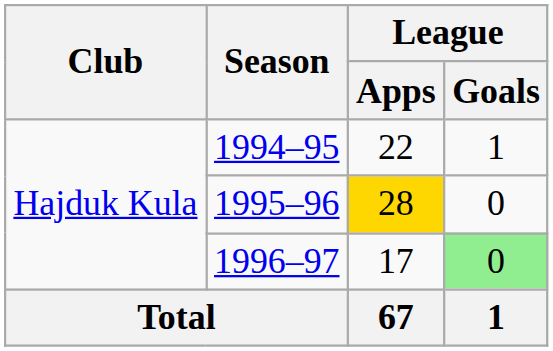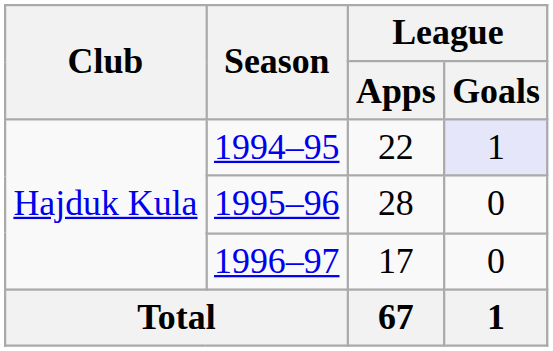 <table class="wikitable" style="text-align:center">
 <tr>
 <th rowspan="2">Club</th>
 <th rowspan="2">Season</th>
 <th colspan="2">League</th>
 </tr>
 <tr>
 <th>Apps</th>
 <th>Goals</th>
 </tr>
 <tr>
 <td rowspan="3"><a href='#'>Hajduk Kula</a></td>
 <td><a href='#'>1994–95</a></td>
 <td>22</td>
-<td>1</td>
+<td style="background: lavender;">1</td>
 </tr>
 <tr>
 <td><a href='#'>1995–96</a></td>
-<td style="background: gold;">28</td>
+<td>28</td>
 <td>0</td>
 </tr>
 <tr>
 <td><a href='#'>1996–97</a></td>
 <td>17</td>
-<td style="background: lightgreen;">0</td>
+<td>0</td>
 </tr>
 <tr>
 <th colspan=2>Total</th>
 <th>67</th>
 <th>1</th>
 </tr>
 </table>
